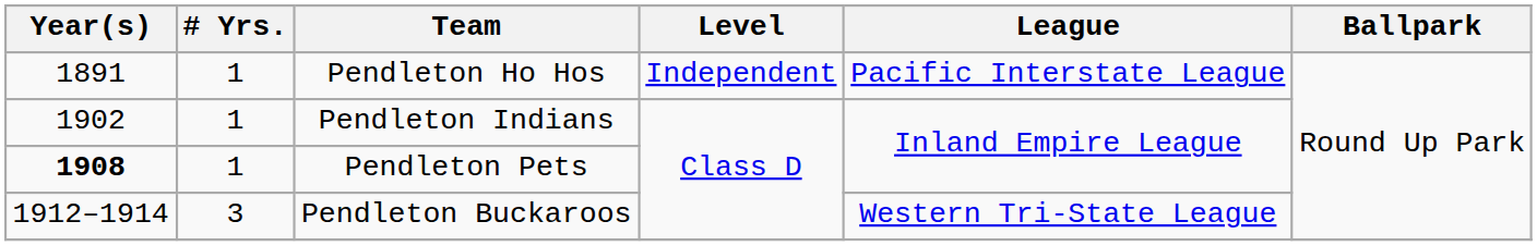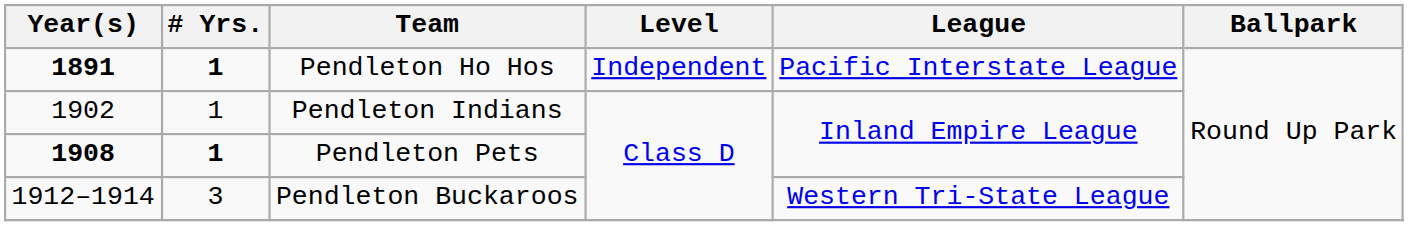 <table class="wikitable" style="text-align:center; font-size: 95%;">
 <tr>
 <th>Year(s)</th>
 <th># Yrs.</th>
 <th>Team</th>
 <th>Level</th>
 <th>League</th>
 <th>Ballpark</th>
 </tr>
 <tr>
-<td>1891</td>
-<td>1</td>
+<td><strong>1891</strong></td>
+<td><strong>1</strong></td>
 <td>Pendleton Ho Hos</td>
 <td><a href='#'>Independent</a></td>
 <td><a href='#'>Pacific Interstate League</a></td>
 <td rowspan=4>Round Up Park</td>
 </tr>
 <tr>
 <td>1902</td>
 <td>1</td>
 <td>Pendleton Indians</td>
 <td rowspan=3><a href='#'>Class D</a></td>
 <td rowspan=2><a href='#'>Inland Empire League</a></td>
 </tr>
 <tr>
 <td><strong>1908</strong></td>
-<td>1</td>
+<td><strong>1</strong></td>
 <td>Pendleton Pets</td>
 </tr>
 <tr>
 <td>1912–1914</td>
 <td>3</td>
 <td>Pendleton Buckaroos</td>
 <td rowspan=2><a href='#'>Western Tri-State League</a></td>
 </tr>
 <tr>
 </tr>
 </table>
